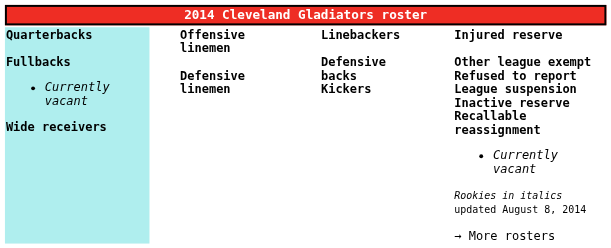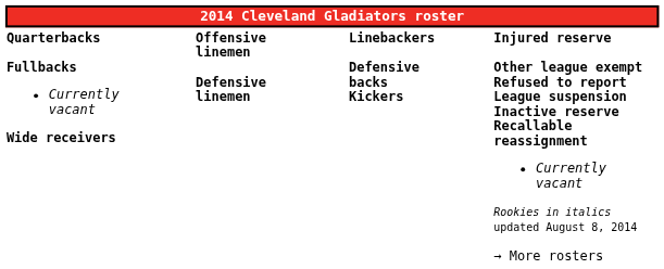 <table class="toccolours" style="text-align: left;">
 <tr>
 <th colspan=7 style="background:#EE2D24; border: 2px solid black; color:white; text-align:center;"><strong>2014 Cleveland Gladiators roster</strong></th>
 </tr>
 <tr>
-<td style="background: paleturquoise; font-size: 95%;" valign="top"><strong>Quarterbacks</strong><br> <br><strong>Fullbacks</strong><ul><li><em>Currently vacant</em></li></ul><strong>Wide receivers</strong>     </td>
+<td style="font-size: 95%;" valign="top"><strong>Quarterbacks</strong><br> <br><strong>Fullbacks</strong><ul><li><em>Currently vacant</em></li></ul><strong>Wide receivers</strong>     </td>
 <td style="width: 25px;"></td>
 <td style="font-size: 95%;" valign="top"><strong>Offensive linemen</strong><br>    <br><strong>Defensive linemen</strong>      </td>
 <td style="width: 25px;"></td>
 <td style="font-size: 95%;" valign="top"><strong>Linebackers</strong><br> <br><strong>Defensive backs</strong>    <br><strong>Kickers</strong> </td>
 <td style="width: 25px;"></td>
 <td style="font-size: 95%;" valign="top"><strong>Injured reserve</strong><br>        <br><strong>Other league exempt</strong>    <br><strong>Refused to report</strong> <br><strong>League suspension</strong>    <br><strong>Inactive reserve</strong> <br><strong>Recallable reassignment</strong><ul><li><em>Currently vacant</em></li></ul><small><em>Rookies in italics</em><br> updated August 8, 2014</small><br> <br>→ More rosters</td>
 </tr>
 </table>
